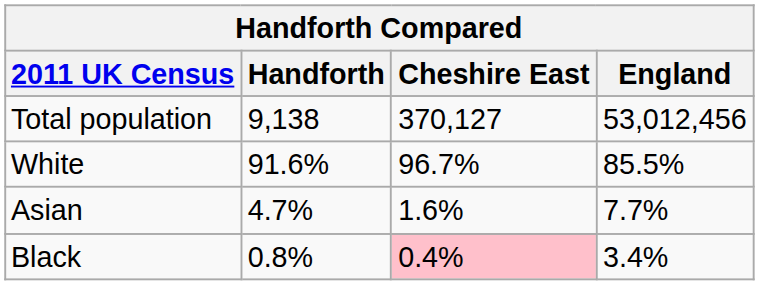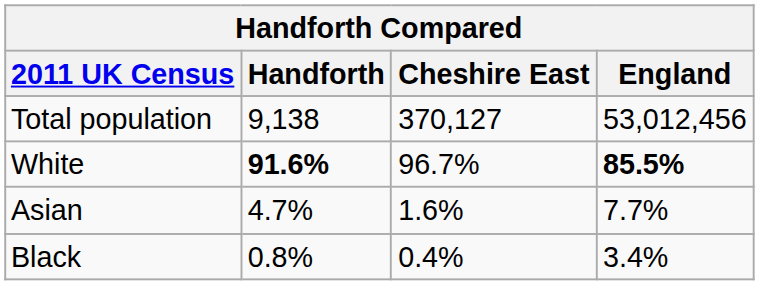 <table class="wikitable" style="float: right; margin-left: 1em; font-size: 95%;">
 <tr>
 <th colspan="4"><strong>Handforth Compared</strong></th>
 </tr>
 <tr>
 <th><strong><a href='#'>2011 UK Census</a></strong></th>
 <th><strong>Handforth</strong></th>
 <th><strong>Cheshire East</strong></th>
 <th><strong>England</strong></th>
 </tr>
 <tr>
 <td>Total population</td>
 <td>9,138</td>
 <td>370,127</td>
 <td>53,012,456</td>
 </tr>
 <tr>
 <td>White</td>
-<td>91.6%</td>
+<td><strong>91.6%</strong></td>
 <td>96.7%</td>
-<td>85.5%</td>
+<td><strong>85.5%</strong></td>
 </tr>
 <tr>
 <td>Asian</td>
 <td>4.7%</td>
 <td>1.6%</td>
 <td>7.7%</td>
 </tr>
 <tr>
 <td>Black</td>
 <td>0.8%</td>
-<td style="background: pink;">0.4%</td>
+<td>0.4%</td>
 <td>3.4%</td>
 </tr>
 </table>
